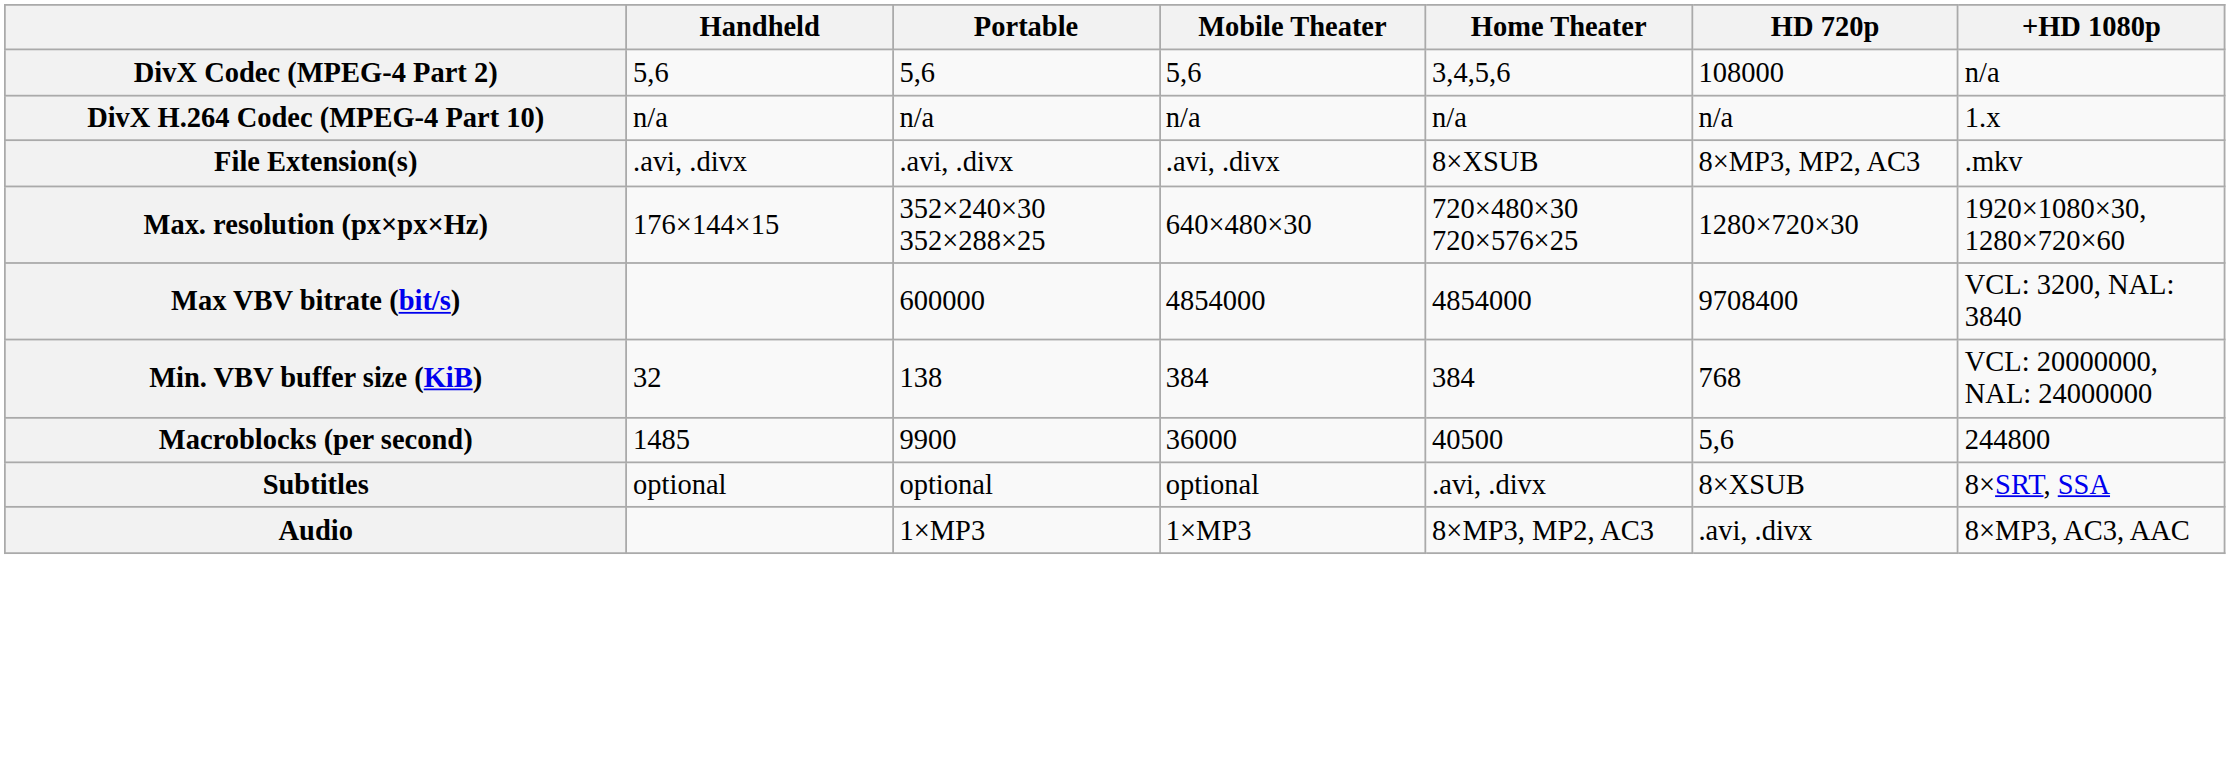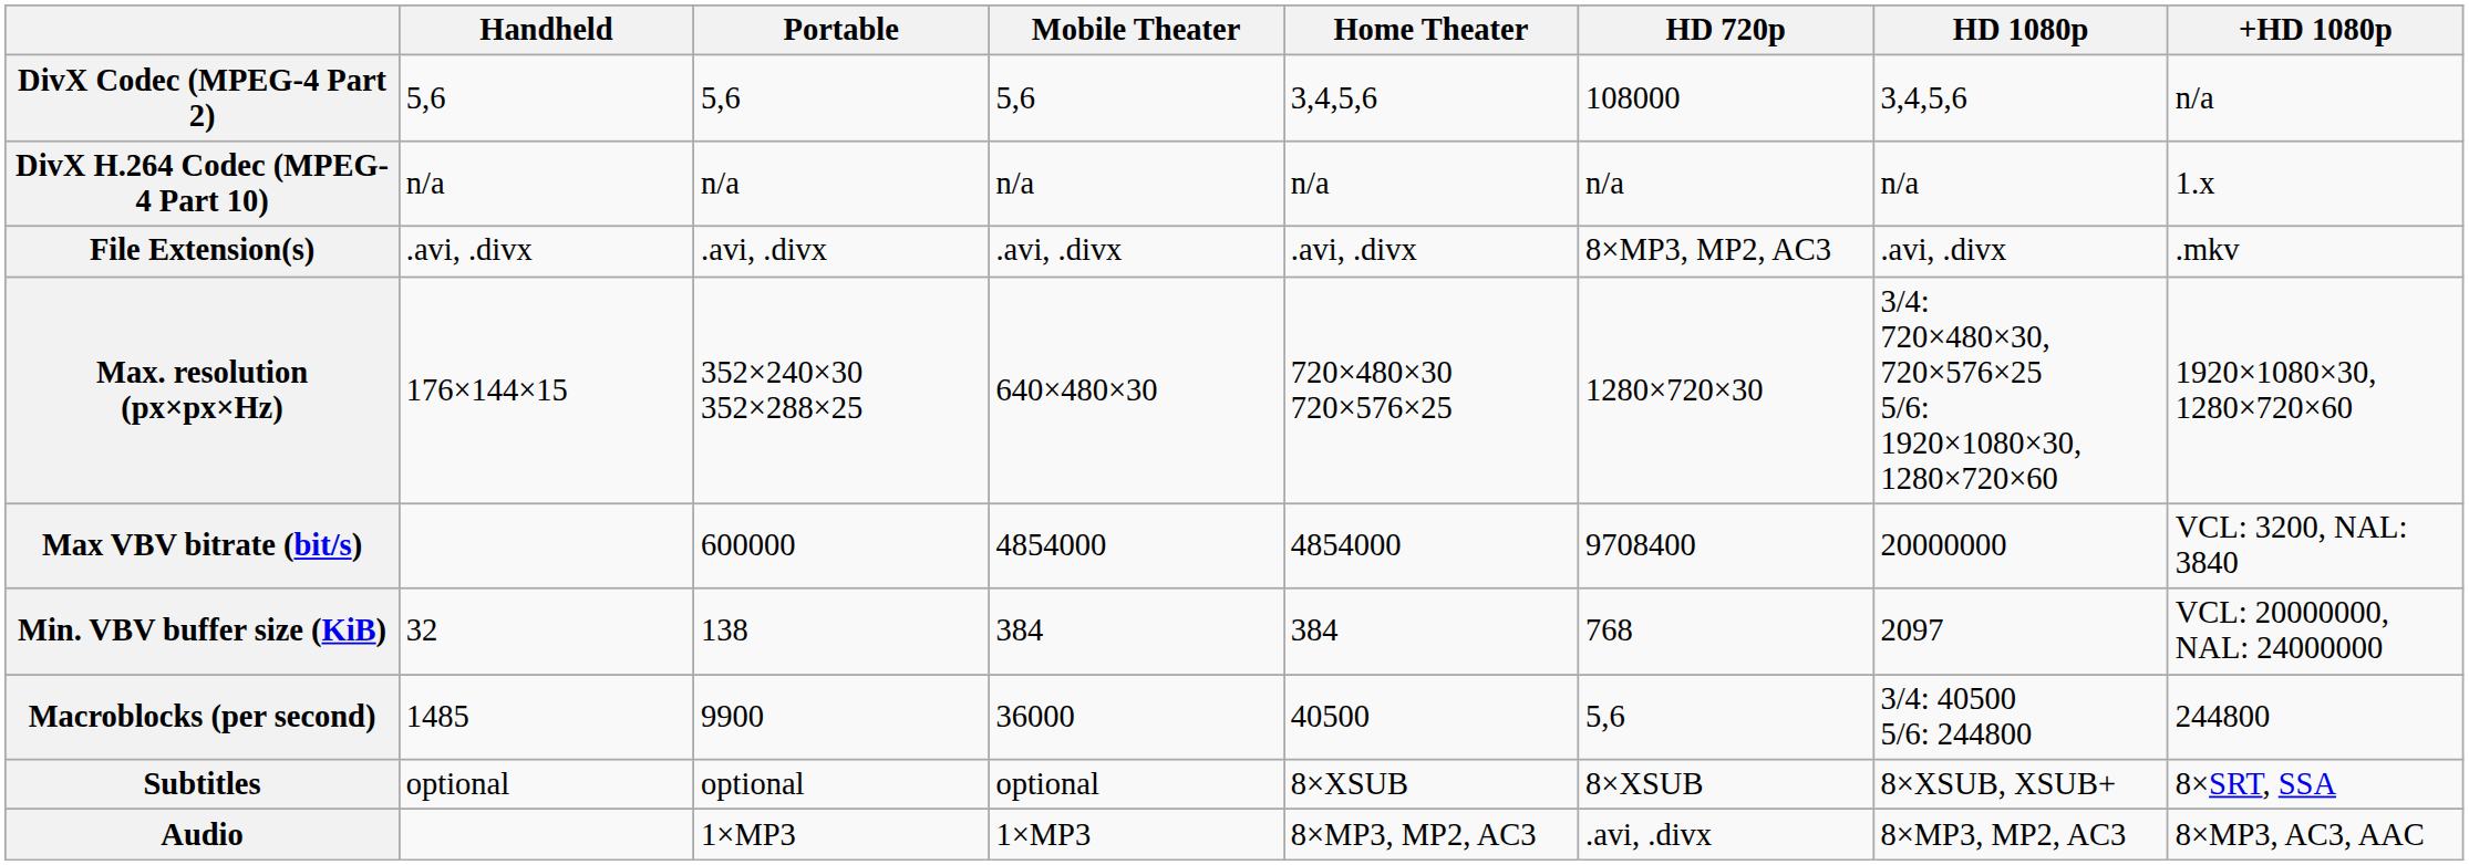 <table class="wikitable">
 <tr>
 <th></th>
 <th>Handheld</th>
 <th>Portable</th>
 <th>Mobile Theater</th>
 <th>Home Theater</th>
 <th>HD 720p</th>
+<th>HD 1080p</th>
 <th>+HD 1080p</th>
 </tr>
 <tr>
 <th>DivX Codec (MPEG-4 Part 2)</th>
 <td style="width:12%;">5,6</td>
 <td style="width:12%;">5,6</td>
 <td style="width:12%;">5,6</td>
 <td style="width:12%;">3,4,5,6</td>
 <td>108000</td>
+<td style="width:12%;">3,4,5,6</td>
 <td style="width:12%;">n/a</td>
 </tr>
 <tr>
 <th>DivX H.264 Codec (MPEG-4 Part 10)</th>
+<td style="width:12%;">n/a</td>
 <td style="width:12%;">n/a</td>
 <td style="width:12%;">n/a</td>
 <td style="width:12%;">n/a</td>
 <td style="width:12%;">n/a</td>
 <td style="width:12%;">n/a</td>
 <td style="width:12%;">1.x</td>
 </tr>
 <tr>
 <th>File Extension(s)</th>
 <td>.avi, .divx</td>
 <td>.avi, .divx</td>
 <td>.avi, .divx</td>
-<td>8×XSUB</td>
+<td>.avi, .divx</td>
 <td>8×MP3, MP2, AC3</td>
+<td>.avi, .divx</td>
 <td>.mkv</td>
 </tr>
 <tr>
 <th>Max. resolution (px×px×Hz)</th>
 <td>176×144×15</td>
 <td>352×240×30<br>352×288×25</td>
 <td>640×480×30</td>
 <td>720×480×30<br>720×576×25</td>
 <td>1280×720×30</td>
+<td>3/4:<br>720×480×30, 720×576×25<br>5/6:<br>1920×1080×30, 1280×720×60</td>
 <td>1920×1080×30,<br>1280×720×60</td>
 </tr>
 <tr>
 <th>Max VBV bitrate (<a href='#'>bit/s</a>)</th>
 <td></td>
 <td>600000</td>
 <td>4854000</td>
 <td>4854000</td>
 <td>9708400</td>
+<td>20000000</td>
 <td>VCL: 3200, NAL: 3840</td>
 </tr>
 <tr>
 <th>Min. VBV buffer size (<a href='#'>KiB</a>)</th>
 <td>32</td>
 <td>138</td>
 <td>384</td>
 <td>384</td>
 <td>768</td>
+<td>2097</td>
 <td>VCL: 20000000,<br>NAL: 24000000</td>
 </tr>
 <tr>
 <th>Macroblocks (per second)</th>
 <td>1485</td>
 <td>9900</td>
 <td>36000</td>
 <td>40500</td>
 <td style="width:12%;">5,6</td>
+<td>3/4: 40500<br>5/6: 244800</td>
 <td>244800</td>
 </tr>
 <tr>
 <th>Subtitles</th>
 <td>optional</td>
 <td>optional</td>
 <td>optional</td>
-<td>.avi, .divx</td>
 <td>8×XSUB</td>
+<td>8×XSUB</td>
+<td>8×XSUB, XSUB+</td>
 <td>8×<a href='#'>SRT</a>, <a href='#'>SSA</a></td>
 </tr>
 <tr>
 <th>Audio</th>
 <td></td>
 <td>1×MP3</td>
 <td>1×MP3</td>
 <td>8×MP3, MP2, AC3</td>
 <td>.avi, .divx</td>
+<td>8×MP3, MP2, AC3</td>
 <td>8×MP3, AC3, AAC</td>
 </tr>
 </table>
